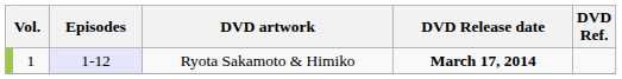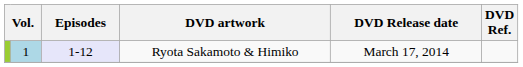 <table class="wikitable" style="text-align: center; width: 98%;">
 <tr>
 <th colspan="2">Vol.</th>
 <th>Episodes</th>
 <th>DVD artwork</th>
 <th>DVD Release date</th>
 <th width="5%">DVD Ref.</th>
 </tr>
 <tr>
 <td width="1%" style="background: YellowGreen;"></td>
-<td>1</td>
+<td style="background: lightblue;">1</td>
 <td style="background: lavender;">1-12</td>
 <td>Ryota Sakamoto & Himiko</td>
-<td><strong>March 17, 2014</strong></td>
+<td>March 17, 2014</td>
 <td></td>
 </tr>
 <tr>
 </tr>
 </table>
